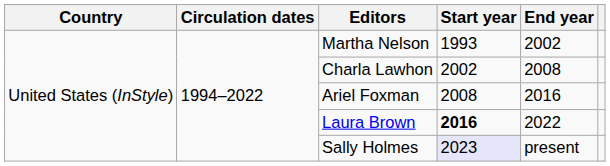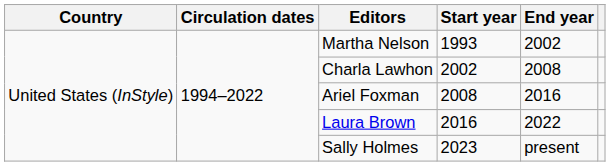 <table class="wikitable">
 <tr>
 <th>Country</th>
 <th>Circulation dates</th>
 <th>Editors</th>
 <th>Start year</th>
 <th>End year</th>
 <th></th>
 </tr>
 <tr>
 <td rowspan="5">United States (<em>InStyle</em>)</td>
 <td rowspan="5">1994–2022</td>
 <td>Martha Nelson</td>
 <td>1993</td>
 <td>2002</td>
 <td></td>
 </tr>
 <tr>
 <td>Charla Lawhon</td>
 <td>2002</td>
 <td>2008</td>
 <td></td>
 </tr>
 <tr>
 <td>Ariel Foxman</td>
 <td>2008</td>
 <td>2016</td>
 <td></td>
 </tr>
 <tr>
 <td><a href='#'>Laura Brown</a></td>
-<td><strong>2016</strong></td>
+<td>2016</td>
 <td>2022</td>
 <td></td>
 </tr>
 <tr>
 <td>Sally Holmes</td>
-<td style="background: lavender;">2023</td>
+<td>2023</td>
 <td>present</td>
 <td></td>
 </tr>
 </table>
